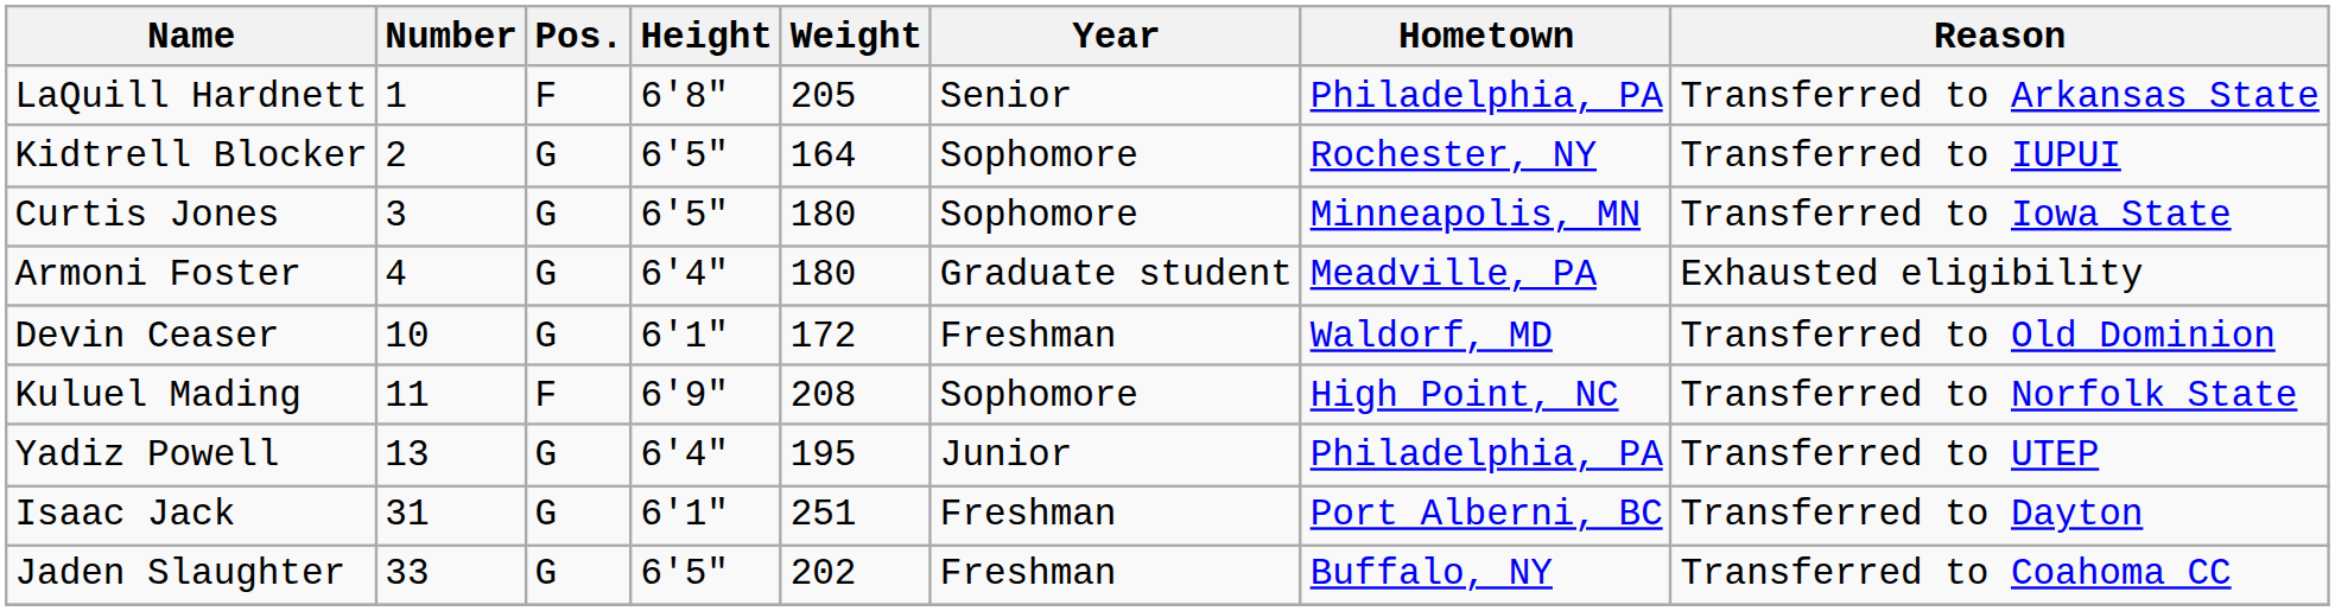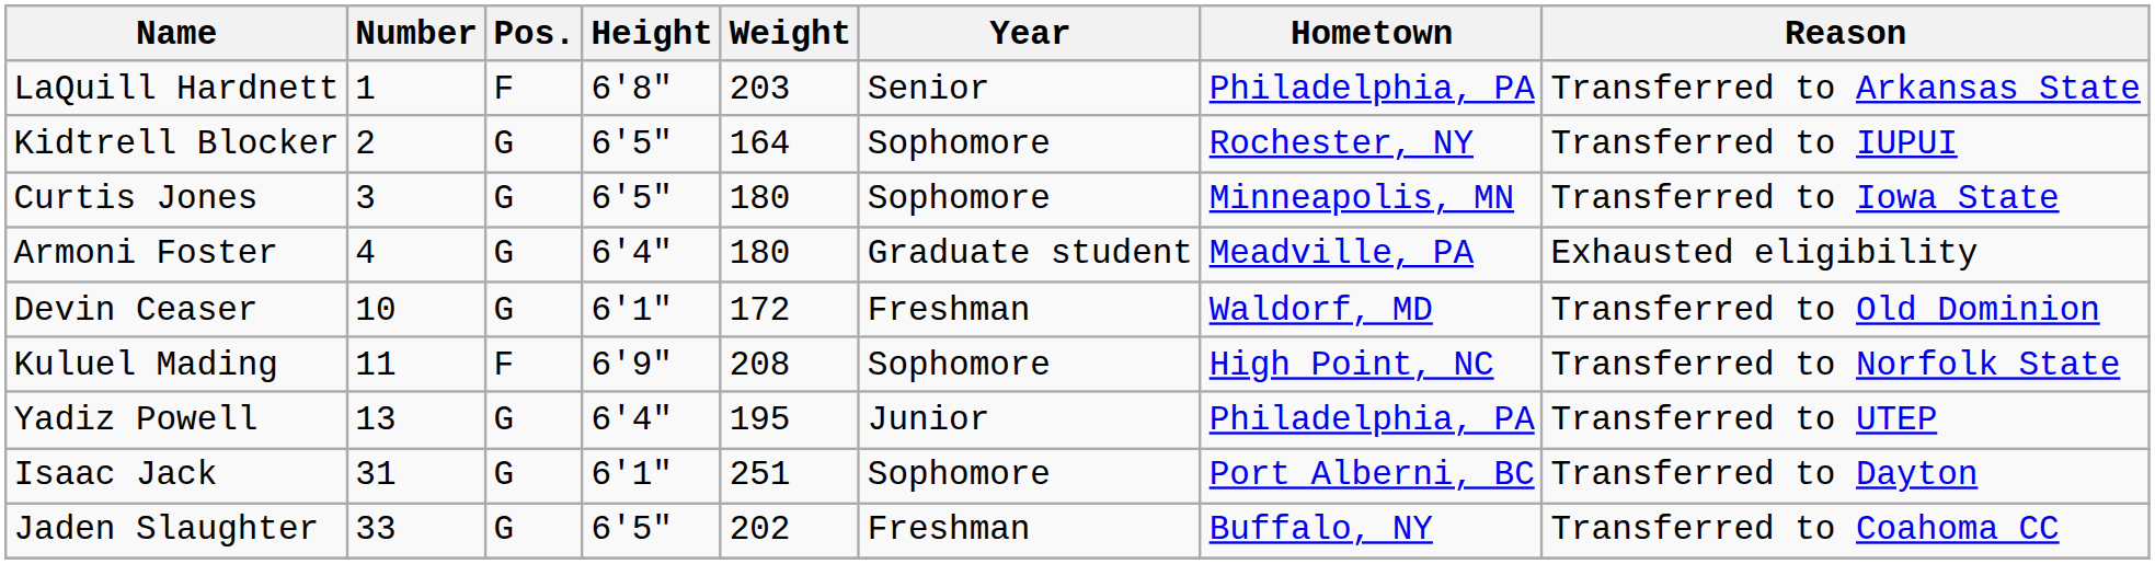 <table class="wikitable sortable" border="1">
 <tr align=center>
 <th>Name</th>
 <th>Number</th>
 <th>Pos.</th>
 <th>Height</th>
 <th>Weight</th>
 <th>Year</th>
 <th>Hometown</th>
 <th>Reason</th>
 </tr>
 <tr>
 <td>LaQuill Hardnett</td>
 <td>1</td>
 <td>F</td>
 <td>6'8"</td>
-<td>205</td>
+<td>203</td>
 <td>Senior</td>
 <td><a href='#'>Philadelphia, PA</a></td>
 <td>Transferred to <a href='#'>Arkansas State</a></td>
 </tr>
 <tr>
 <td>Kidtrell Blocker</td>
 <td>2</td>
 <td>G</td>
 <td>6'5"</td>
 <td>164</td>
 <td>Sophomore</td>
 <td><a href='#'>Rochester, NY</a></td>
 <td>Transferred to <a href='#'>IUPUI</a></td>
 </tr>
 <tr>
 <td>Curtis Jones</td>
 <td>3</td>
 <td>G</td>
 <td>6'5"</td>
 <td>180</td>
 <td>Sophomore</td>
 <td><a href='#'>Minneapolis, MN</a></td>
 <td>Transferred to <a href='#'>Iowa State</a></td>
 </tr>
 <tr>
 <td>Armoni Foster</td>
 <td>4</td>
 <td>G</td>
 <td>6'4"</td>
 <td>180</td>
 <td>Graduate student</td>
 <td><a href='#'>Meadville, PA</a></td>
 <td>Exhausted eligibility</td>
 </tr>
 <tr>
 <td>Devin Ceaser</td>
 <td>10</td>
 <td>G</td>
 <td>6'1"</td>
 <td>172</td>
 <td>Freshman</td>
 <td><a href='#'>Waldorf, MD</a></td>
 <td>Transferred to <a href='#'>Old Dominion</a></td>
 </tr>
 <tr>
 <td>Kuluel Mading</td>
 <td>11</td>
 <td>F</td>
 <td>6'9"</td>
 <td>208</td>
 <td>Sophomore</td>
 <td><a href='#'>High Point, NC</a></td>
 <td>Transferred to <a href='#'>Norfolk State</a></td>
 </tr>
 <tr>
 <td>Yadiz Powell</td>
 <td>13</td>
 <td>G</td>
 <td>6'4"</td>
 <td>195</td>
 <td>Junior</td>
 <td><a href='#'>Philadelphia, PA</a></td>
 <td>Transferred to <a href='#'>UTEP</a></td>
 </tr>
 <tr>
 <td>Isaac Jack</td>
 <td>31</td>
 <td>G</td>
 <td>6'1"</td>
 <td>251</td>
-<td>Freshman</td>
+<td>Sophomore</td>
 <td><a href='#'>Port Alberni, BC</a></td>
 <td>Transferred to <a href='#'>Dayton</a></td>
 </tr>
 <tr>
 <td>Jaden Slaughter</td>
 <td>33</td>
 <td>G</td>
 <td>6'5"</td>
 <td>202</td>
 <td>Freshman</td>
 <td><a href='#'>Buffalo, NY</a></td>
 <td>Transferred to <a href='#'>Coahoma CC</a></td>
 </tr>
 <tr>
 </tr>
 </table>
